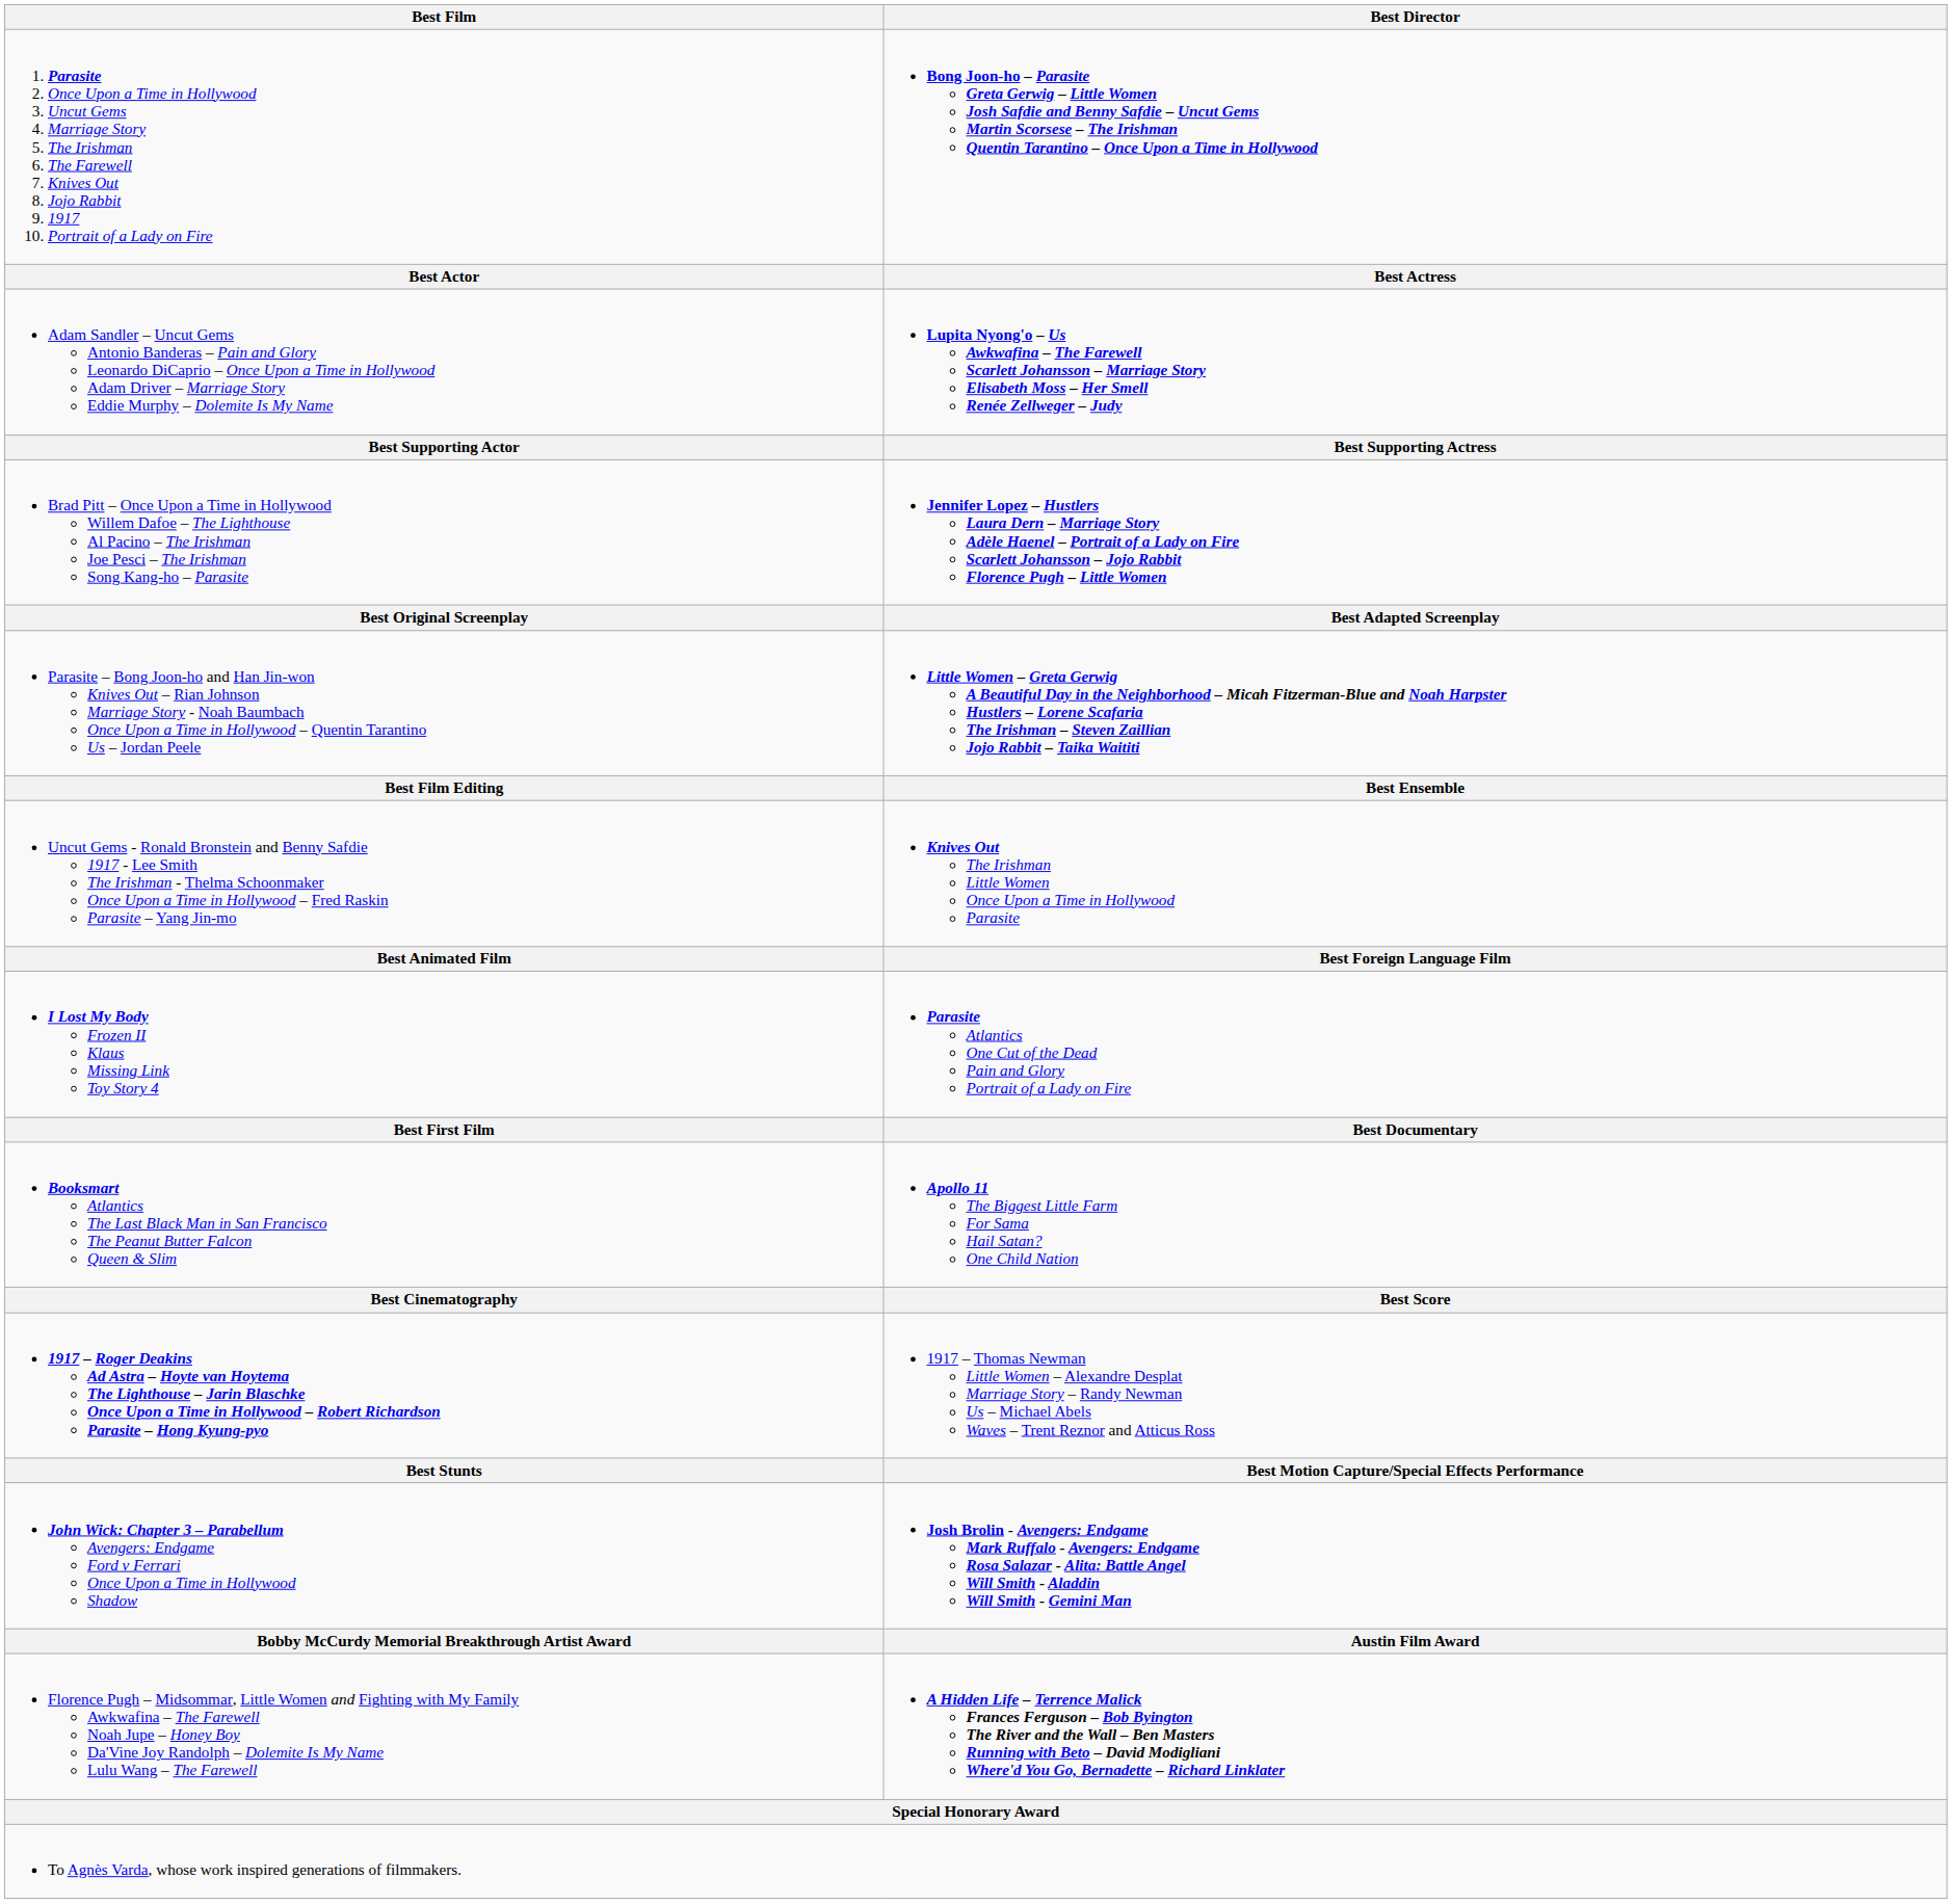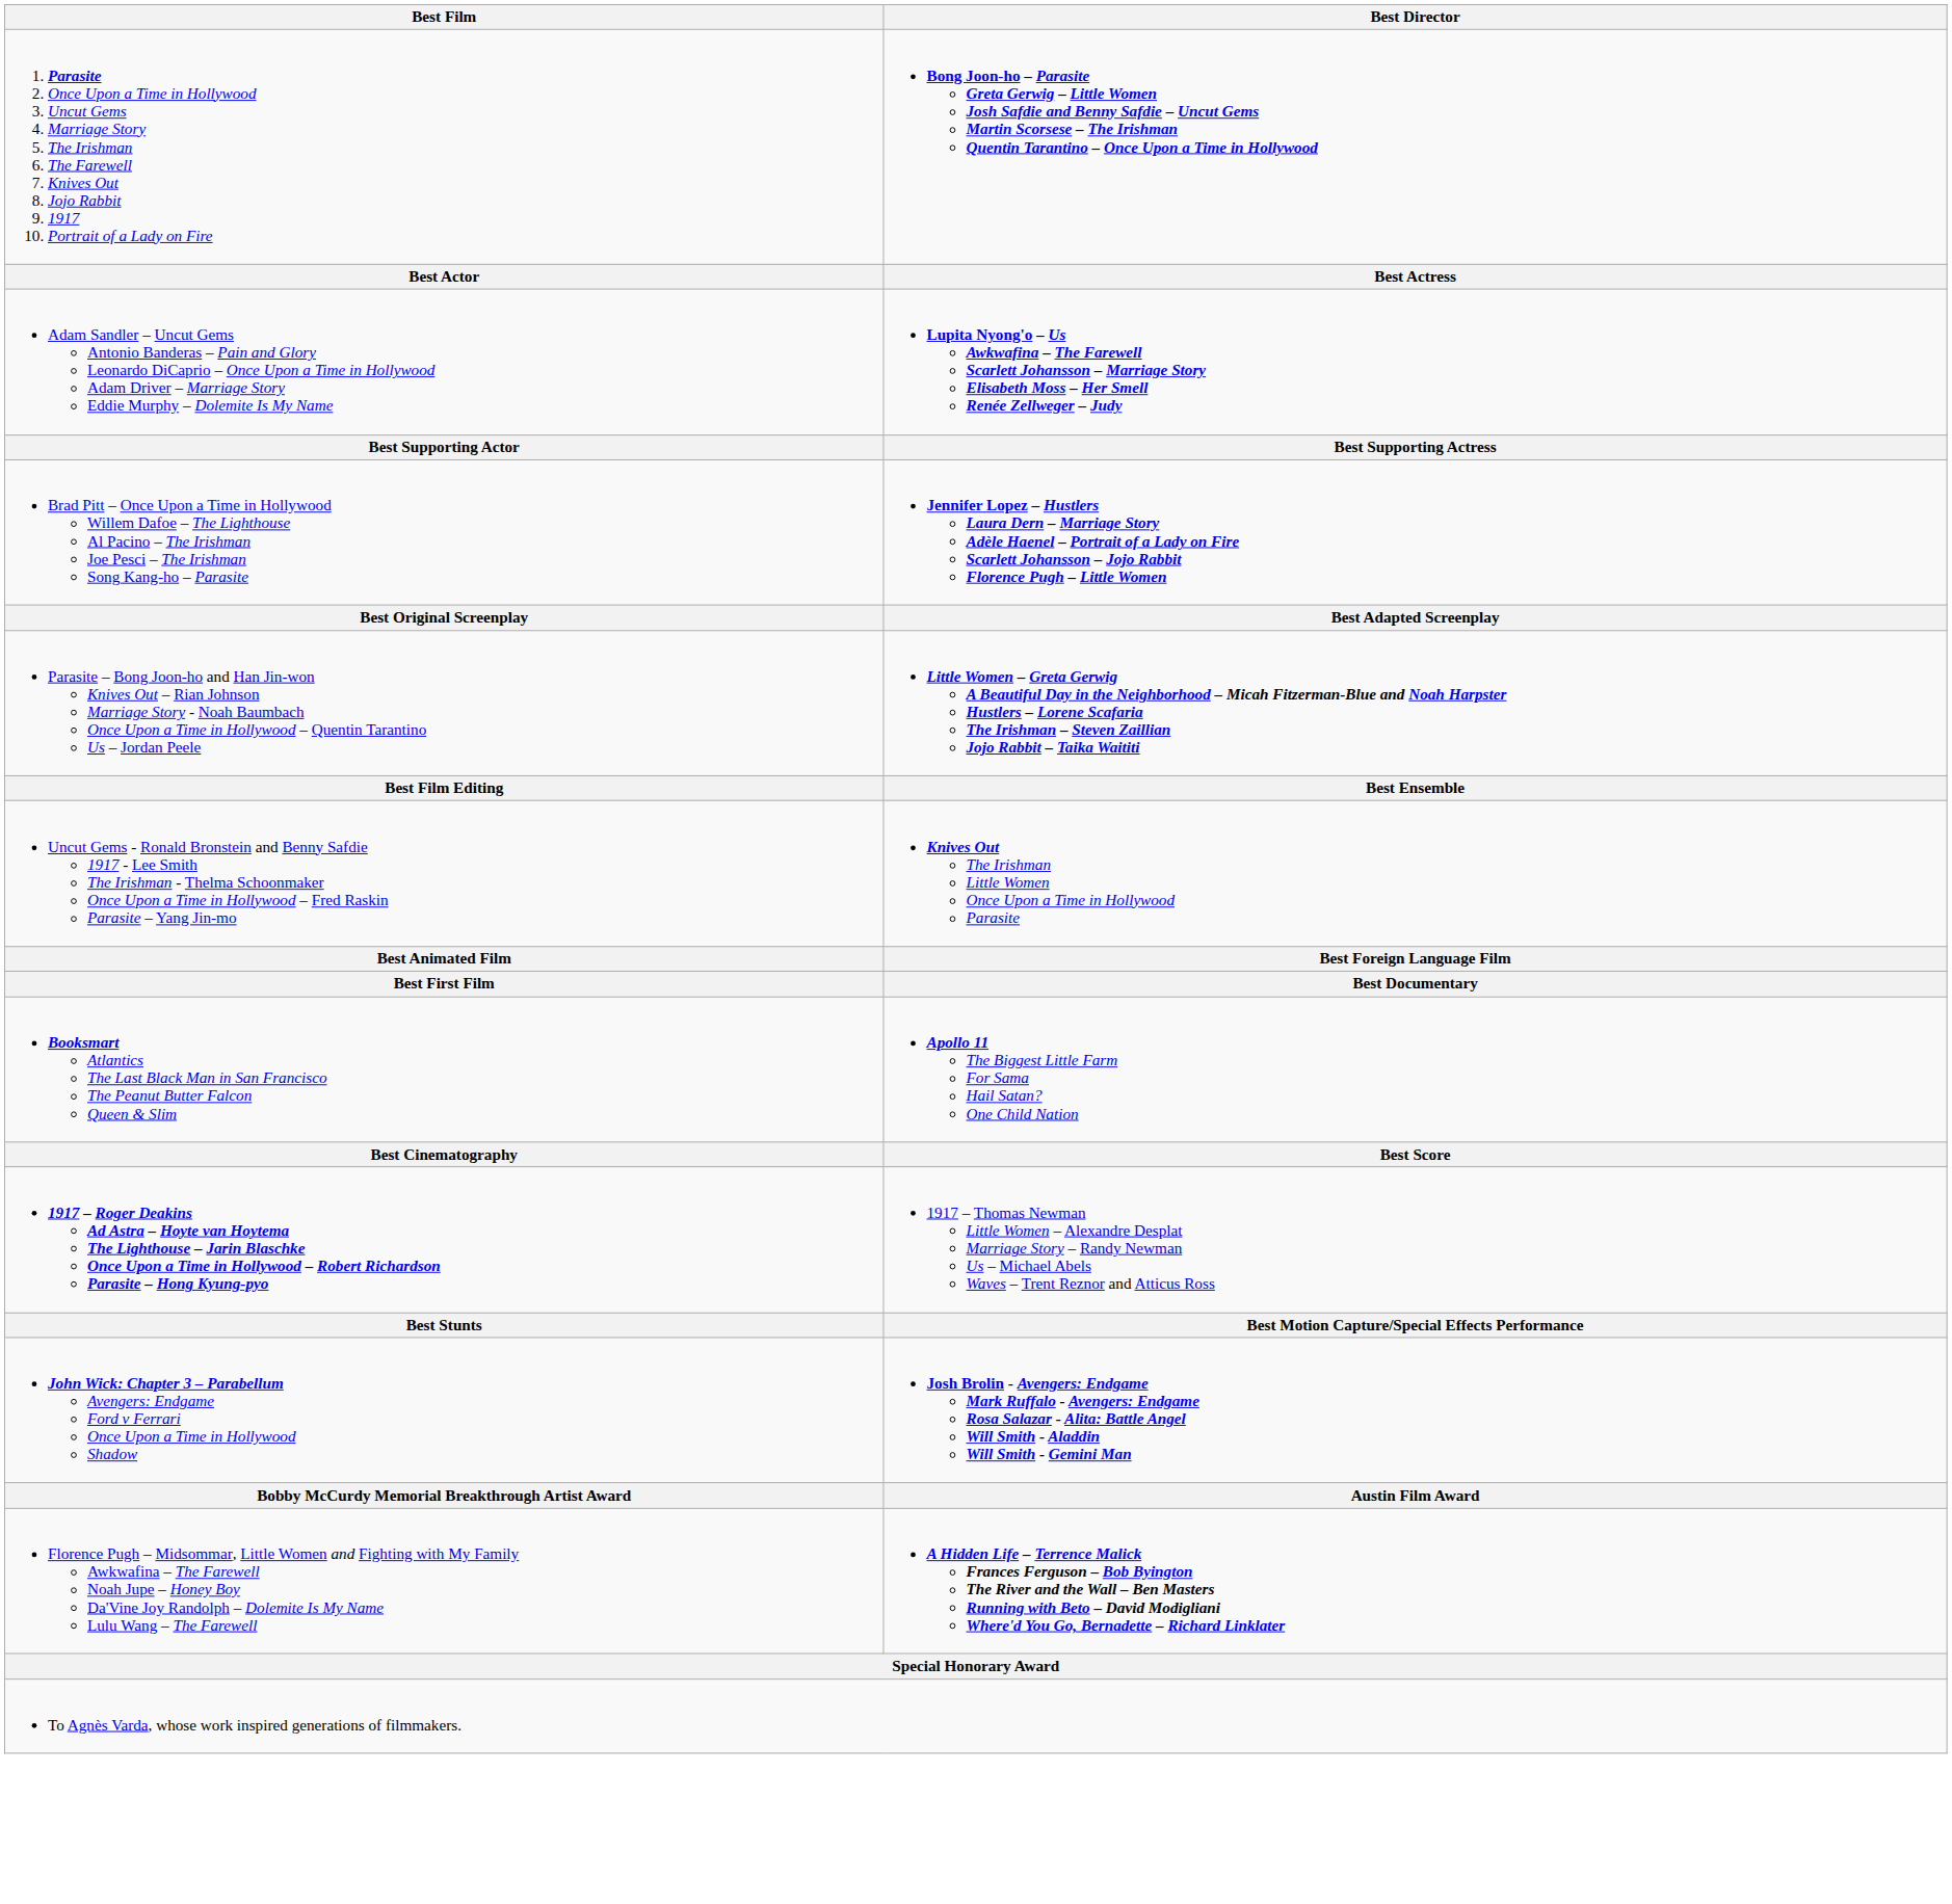 <table class=wikitable style="width=100%">
 <tr>
 <th style="width=50%">Best Film</th>
 <th style="width=50%">Best Director</th>
 </tr>
 <tr>
 <td valign="top"><br><ol><li><strong><em><a href='#'>Parasite</a></em></strong></li><li><em><a href='#'>Once Upon a Time in Hollywood</a></em></li><li><em><a href='#'>Uncut Gems</a></em></li><li><em><a href='#'>Marriage Story</a></em></li><li><em><a href='#'>The Irishman</a></em></li><li><em><a href='#'>The Farewell</a></em></li><li><em><a href='#'>Knives Out</a></em></li><li><em><a href='#'>Jojo Rabbit</a></em></li><li><em><a href='#'>1917</a></em></li><li><em><a href='#'>Portrait of a Lady on Fire</a></em></li></ol></td>
 <td valign="top"><br><ul><li><strong><a href='#'>Bong Joon-ho</a> – <em><a href='#'>Parasite</a><strong><em><ul><li><a href='#'>Greta Gerwig</a> – </em><a href='#'>Little Women</a><em></li><li><a href='#'>Josh Safdie and Benny Safdie</a> – </em><a href='#'>Uncut Gems</a><em></li><li><a href='#'>Martin Scorsese</a> – </em><a href='#'>The Irishman</a><em></li><li><a href='#'>Quentin Tarantino</a> – </em><a href='#'>Once Upon a Time in Hollywood</a><em></li></ul></li></ul></td>
 </tr>
 <tr>
 <th style="width=50%">Best Actor</th>
 <th style="width=50%">Best Actress</th>
 </tr>
 <tr>
 <td valign="top"><br><ul><li></strong><a href='#'>Adam Sandler</a> – </em><a href='#'>Uncut Gems</a></em></strong><ul><li><a href='#'>Antonio Banderas</a> – <em><a href='#'>Pain and Glory</a></em></li><li><a href='#'>Leonardo DiCaprio</a> – <em><a href='#'>Once Upon a Time in Hollywood</a></em></li><li><a href='#'>Adam Driver</a> – <em><a href='#'>Marriage Story</a></em></li><li><a href='#'>Eddie Murphy</a> – <em><a href='#'>Dolemite Is My Name</a></em></li></ul></li></ul></td>
 <td valign="top"><br><ul><li><strong><a href='#'>Lupita Nyong'o</a> – <em><a href='#'>Us</a><strong><em><ul><li><a href='#'>Awkwafina</a> – </em><a href='#'>The Farewell</a><em></li><li><a href='#'>Scarlett Johansson</a> – </em><a href='#'>Marriage Story</a><em></li><li><a href='#'>Elisabeth Moss</a> – </em><a href='#'>Her Smell</a><em></li><li><a href='#'>Renée Zellweger</a> – </em><a href='#'>Judy</a><em></li></ul></li></ul></td>
 </tr>
 <tr>
 <th style="width=50%">Best Supporting Actor</th>
 <th style="width=50%">Best Supporting Actress</th>
 </tr>
 <tr>
 <td valign="top"><br><ul><li></strong><a href='#'>Brad Pitt</a> – </em><a href='#'>Once Upon a Time in Hollywood</a></em></strong><ul><li><a href='#'>Willem Dafoe</a> – <em><a href='#'>The Lighthouse</a></em></li><li><a href='#'>Al Pacino</a> – <em><a href='#'>The Irishman</a></em></li><li><a href='#'>Joe Pesci</a> – <em><a href='#'>The Irishman</a></em></li><li><a href='#'>Song Kang-ho</a> – <em><a href='#'>Parasite</a></em></li></ul></li></ul></td>
 <td valign="top"><br><ul><li><strong><a href='#'>Jennifer Lopez</a> – <em><a href='#'>Hustlers</a><strong><em><ul><li><a href='#'>Laura Dern</a> – </em><a href='#'>Marriage Story</a><em></li><li><a href='#'>Adèle Haenel</a> – </em><a href='#'>Portrait of a Lady on Fire</a><em></li><li><a href='#'>Scarlett Johansson</a> – </em><a href='#'>Jojo Rabbit</a><em></li><li><a href='#'>Florence Pugh</a> – </em><a href='#'>Little Women</a><em></li></ul></li></ul></td>
 </tr>
 <tr>
 <th style="width=50%">Best Original Screenplay</th>
 <th style="width=50%">Best Adapted Screenplay</th>
 </tr>
 <tr>
 <td valign="top"><br><ul><li></em></strong><a href='#'>Parasite</a></em> – <a href='#'>Bong Joon-ho</a> and <a href='#'>Han Jin-won</a></strong><ul><li><em><a href='#'>Knives Out</a></em> – <a href='#'>Rian Johnson</a></li><li><em><a href='#'>Marriage Story</a></em> - <a href='#'>Noah Baumbach</a></li><li><em><a href='#'>Once Upon a Time in Hollywood</a></em> – <a href='#'>Quentin Tarantino</a></li><li><em><a href='#'>Us</a></em> – <a href='#'>Jordan Peele</a></li></ul></li></ul></td>
 <td valign="top"><br><ul><li><strong><em><a href='#'>Little Women</a><em> – <a href='#'>Greta Gerwig</a><strong><ul><li></em><a href='#'>A Beautiful Day in the Neighborhood</a><em> – Micah Fitzerman-Blue and <a href='#'>Noah Harpster</a></li><li></em><a href='#'>Hustlers</a><em> – <a href='#'>Lorene Scafaria</a></li><li></em><a href='#'>The Irishman</a><em> – <a href='#'>Steven Zaillian</a></li><li></em><a href='#'>Jojo Rabbit</a><em> – <a href='#'>Taika Waititi</a></li></ul></li></ul></td>
 </tr>
 <tr>
 <th style="width=50%">Best Film Editing</th>
 <th style="width=50%">Best Ensemble</th>
 </tr>
 <tr>
 <td valign="top"><br><ul><li></em></strong><a href='#'>Uncut Gems</a></em> - <a href='#'>Ronald Bronstein</a> and <a href='#'>Benny Safdie</a></strong><ul><li><em><a href='#'>1917</a></em> - <a href='#'>Lee Smith</a></li><li><em><a href='#'>The Irishman</a></em> - <a href='#'>Thelma Schoonmaker</a></li><li><em><a href='#'>Once Upon a Time in Hollywood</a></em> – <a href='#'>Fred Raskin</a></li><li><em><a href='#'>Parasite</a></em> – <a href='#'>Yang Jin-mo</a></li></ul></li></ul></td>
 <td valign="top"><br><ul><li><strong><em><a href='#'>Knives Out</a></em></strong><ul><li><em><a href='#'>The Irishman</a></em></li><li><em><a href='#'>Little Women</a></em></li><li><em><a href='#'>Once Upon a Time in Hollywood</a></em></li><li><em><a href='#'>Parasite</a></em></li></ul></li></ul></td>
 </tr>
 <tr>
 <th style="width=50%">Best Animated Film</th>
 <th style="width=50%">Best Foreign Language Film</th>
 </tr>
 <tr>
-<td valign="top"><br><ul><li><strong><em><a href='#'>I Lost My Body</a></em></strong><ul><li><em><a href='#'>Frozen II</a></em></li><li><em><a href='#'>Klaus</a></em></li><li><em><a href='#'>Missing Link</a></em></li><li><em><a href='#'>Toy Story 4</a></em></li></ul></li></ul></td>
-<td valign="top"><br><ul><li><strong><em><a href='#'>Parasite</a></em></strong><ul><li><em><a href='#'>Atlantics</a></em></li><li><em><a href='#'>One Cut of the Dead</a></em></li><li><em><a href='#'>Pain and Glory</a></em></li><li><em><a href='#'>Portrait of a Lady on Fire</a></em></li></ul></li></ul></td>
-</tr>
-<tr>
 <th style="width=50%">Best First Film</th>
 <th style="width=50%">Best Documentary</th>
 </tr>
 <tr>
 <td valign="top"><br><ul><li><strong><em><a href='#'>Booksmart</a></em></strong><ul><li><em><a href='#'>Atlantics</a></em></li><li><em><a href='#'>The Last Black Man in San Francisco</a></em></li><li><em><a href='#'>The Peanut Butter Falcon</a></em></li><li><em><a href='#'>Queen & Slim</a></em></li></ul></li></ul></td>
 <td valign="top"><br><ul><li><strong><em><a href='#'>Apollo 11</a></em></strong><ul><li><em><a href='#'>The Biggest Little Farm</a></em></li><li><em><a href='#'>For Sama</a></em></li><li><em><a href='#'>Hail Satan?</a></em></li><li><em><a href='#'>One Child Nation</a></em></li></ul></li></ul></td>
 </tr>
 <tr>
 <th style="width=50%">Best Cinematography</th>
 <th style="width=50%">Best Score</th>
 </tr>
 <tr>
 <td valign="top"><br><ul><li><strong><em><a href='#'>1917</a><em> – <a href='#'>Roger Deakins</a><strong><ul><li></em><a href='#'>Ad Astra</a><em> – <a href='#'>Hoyte van Hoytema</a></li><li></em><a href='#'>The Lighthouse</a><em> – <a href='#'>Jarin Blaschke</a></li><li></em><a href='#'>Once Upon a Time in Hollywood</a><em> – <a href='#'>Robert Richardson</a></li><li></em><a href='#'>Parasite</a><em> – <a href='#'>Hong Kyung-pyo</a></li></ul></li></ul></td>
 <td valign="top"><br><ul><li></em></strong><a href='#'>1917</a></em> – <a href='#'>Thomas Newman</a></strong><ul><li><em><a href='#'>Little Women</a></em> – <a href='#'>Alexandre Desplat</a></li><li><em><a href='#'>Marriage Story</a></em> – <a href='#'>Randy Newman</a></li><li><em><a href='#'>Us</a></em> – <a href='#'>Michael Abels</a></li><li><em><a href='#'>Waves</a></em> – <a href='#'>Trent Reznor</a> and <a href='#'>Atticus Ross</a></li></ul></li></ul></td>
 </tr>
 <tr>
 <th style="width=50%">Best Stunts</th>
 <th style="width=50%">Best Motion Capture/Special Effects Performance</th>
 </tr>
 <tr>
 <td valign="top"><br><ul><li><strong><em><a href='#'>John Wick: Chapter 3 – Parabellum</a></em></strong><ul><li><em><a href='#'>Avengers: Endgame</a></em></li><li><em><a href='#'>Ford v Ferrari</a></em></li><li><em><a href='#'>Once Upon a Time in Hollywood</a></em></li><li><em><a href='#'>Shadow</a></em></li></ul></li></ul></td>
 <td valign="top"><br><ul><li><strong><a href='#'>Josh Brolin</a> - <em><a href='#'>Avengers: Endgame</a><strong><em><ul><li><a href='#'>Mark Ruffalo</a> - </em><a href='#'>Avengers: Endgame</a><em></li><li><a href='#'>Rosa Salazar</a> - </em><a href='#'>Alita: Battle Angel</a><em></li><li><a href='#'>Will Smith</a> - </em><a href='#'>Aladdin</a><em></li><li><a href='#'>Will Smith</a> - </em><a href='#'>Gemini Man</a><em></li></ul></li></ul></td>
 </tr>
 <tr>
 <th style="width=50%">Bobby McCurdy Memorial Breakthrough Artist Award</th>
 <th style="width=50%">Austin Film Award</th>
 </tr>
 <tr>
 <td valign="top"><br><ul><li></strong><a href='#'>Florence Pugh</a> – </em><a href='#'>Midsommar</a><em>, </em><a href='#'>Little Women</a><em> and </em><a href='#'>Fighting with My Family</a></em></strong><ul><li><a href='#'>Awkwafina</a> – <em><a href='#'>The Farewell</a></em></li><li><a href='#'>Noah Jupe</a> – <em><a href='#'>Honey Boy</a></em></li><li><a href='#'>Da'Vine Joy Randolph</a> – <em><a href='#'>Dolemite Is My Name</a></em></li><li><a href='#'>Lulu Wang</a> – <em><a href='#'>The Farewell</a></em></li></ul></li></ul></td>
 <td valign="top"><br><ul><li><strong><em><a href='#'>A Hidden Life</a><em> – <a href='#'>Terrence Malick</a><strong><ul><li></em>Frances Ferguson<em> – <a href='#'>Bob Byington</a></li><li></em>The River and the Wall<em> – Ben Masters</li><li></em><a href='#'>Running with Beto</a><em> – David Modigliani</li><li></em><a href='#'>Where'd You Go, Bernadette</a><em> – <a href='#'>Richard Linklater</a></li></ul></li></ul></td>
 </tr>
 <tr>
 <th colspan="2">Special Honorary Award</th>
 </tr>
 <tr>
 <td colspan=2 valign="top" width="50%"><br><ul><li></em></strong>To <a href='#'>Agnès Varda</a>, whose work inspired generations of filmmakers.<strong><em></li></ul></td>
 </tr>
 </table>
